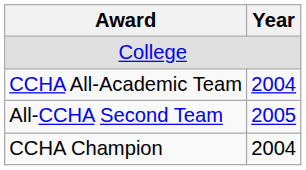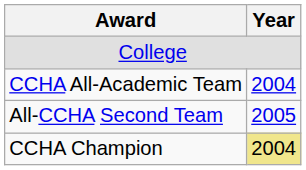 <table class="wikitable">
 <tr>
 <th>Award</th>
 <th>Year</th>
 </tr>
 <tr ALIGN="center" bgcolor="#e0e0e0">
 <td colspan="2"><a href='#'>College</a></td>
 </tr>
 <tr>
 <td><a href='#'>CCHA</a> All-Academic Team</td>
 <td><a href='#'>2004</a></td>
 </tr>
 <tr>
 <td>All-<a href='#'>CCHA</a> <a href='#'>Second Team</a></td>
 <td><a href='#'>2005</a></td>
 </tr>
 <tr>
 <td>CCHA Champion</td>
-<td>2004</td>
+<td style="background: khaki;">2004</td>
 </tr>
 </table>
